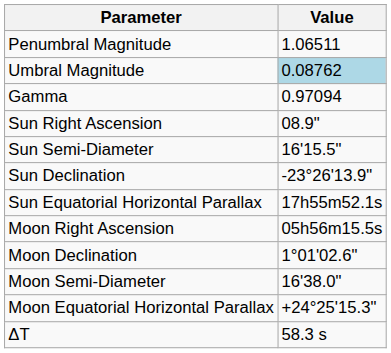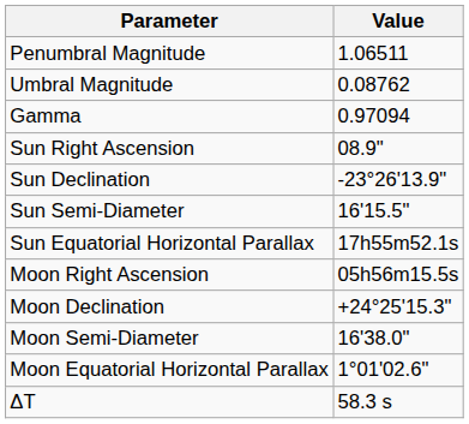 <table class="wikitable">
 <tr>
 <th>Parameter</th>
 <th>Value</th>
 </tr>
 <tr>
 <td>Penumbral Magnitude</td>
 <td>1.06511</td>
 </tr>
 <tr>
 <td>Umbral Magnitude</td>
-<td style="background: lightblue;">0.08762</td>
+<td>0.08762</td>
 </tr>
 <tr>
 <td>Gamma</td>
 <td>0.97094</td>
 </tr>
 <tr>
 <td>Sun Right Ascension</td>
 <td>08.9"</td>
 </tr>
 <tr>
+<td>Sun Declination</td>
+<td>-23°26'13.9"</td>
+</tr>
+<tr>
 <td>Sun Semi-Diameter</td>
 <td>16'15.5"</td>
-</tr>
-<tr>
-<td>Sun Declination</td>
-<td>-23°26'13.9"</td>
 </tr>
 <tr>
 <td>Sun Equatorial Horizontal Parallax</td>
 <td>17h55m52.1s</td>
 </tr>
 <tr>
 <td>Moon Right Ascension</td>
 <td>05h56m15.5s</td>
 </tr>
 <tr>
 <td>Moon Declination</td>
-<td>1°01'02.6"</td>
+<td>+24°25'15.3"</td>
 </tr>
 <tr>
 <td>Moon Semi-Diameter</td>
 <td>16'38.0"</td>
 </tr>
 <tr>
 <td>Moon Equatorial Horizontal Parallax</td>
-<td>+24°25'15.3"</td>
+<td>1°01'02.6"</td>
 </tr>
 <tr>
 <td>ΔT</td>
 <td>58.3 s</td>
 </tr>
 </table>
